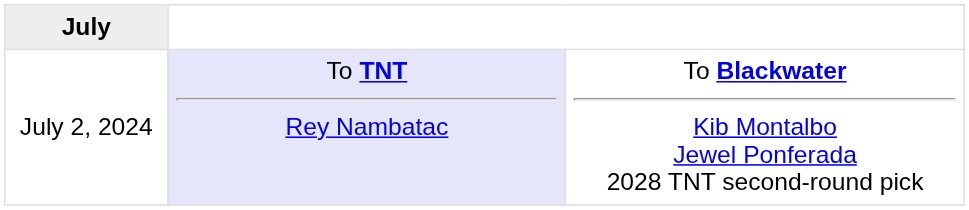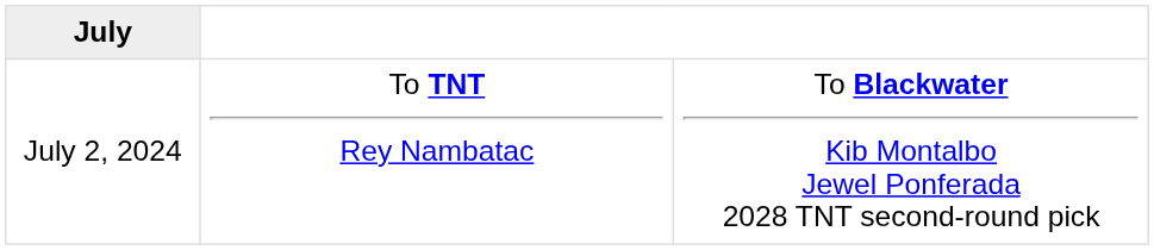 <table border=1 style="border-collapse:collapse; text-align: center; width: 100%" bordercolor="#DFDFDF"  cellpadding="5">
 <tr bgcolor="eeeeee">
 <th>July</th>
 </tr>
 <tr>
 <td style="width:12%">July 2, 2024</td>
-<td style="background: lavender; width:29.3%" valign="top">To <strong><a href='#'>TNT</a></strong><hr><a href='#'>Rey Nambatac</a></td>
+<td style="width:29.3%" valign="top">To <strong><a href='#'>TNT</a></strong><hr><a href='#'>Rey Nambatac</a></td>
 <td style="width:29.3%" valign="top">To <strong><a href='#'>Blackwater</a></strong><hr><a href='#'>Kib Montalbo</a><br><a href='#'>Jewel Ponferada</a><br>2028 TNT second-round pick</td>
 </tr>
 </table>
